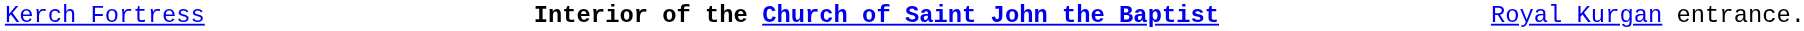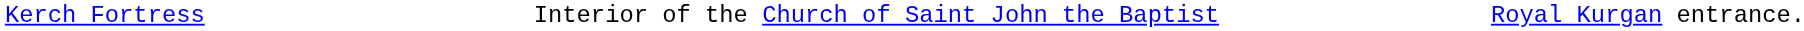 <table class="graytable">
 <tr>
 <td width="29%"></td>
 <td width="5%"></td>
 <td width="32%"></td>
 <td width="5%"></td>
 <td></td>
 </tr>
 <tr>
 <td align="center"><a href='#'>Kerch Fortress</a></td>
 <td></td>
-<td align="center"><strong>Interior of the <a href='#'>Church of Saint John the Baptist</a></strong></td>
+<td align="center">Interior of the <a href='#'>Church of Saint John the Baptist</a></td>
 <td></td>
 <td align="center"><a href='#'>Royal Kurgan</a> entrance.</td>
 </tr>
 </table>
